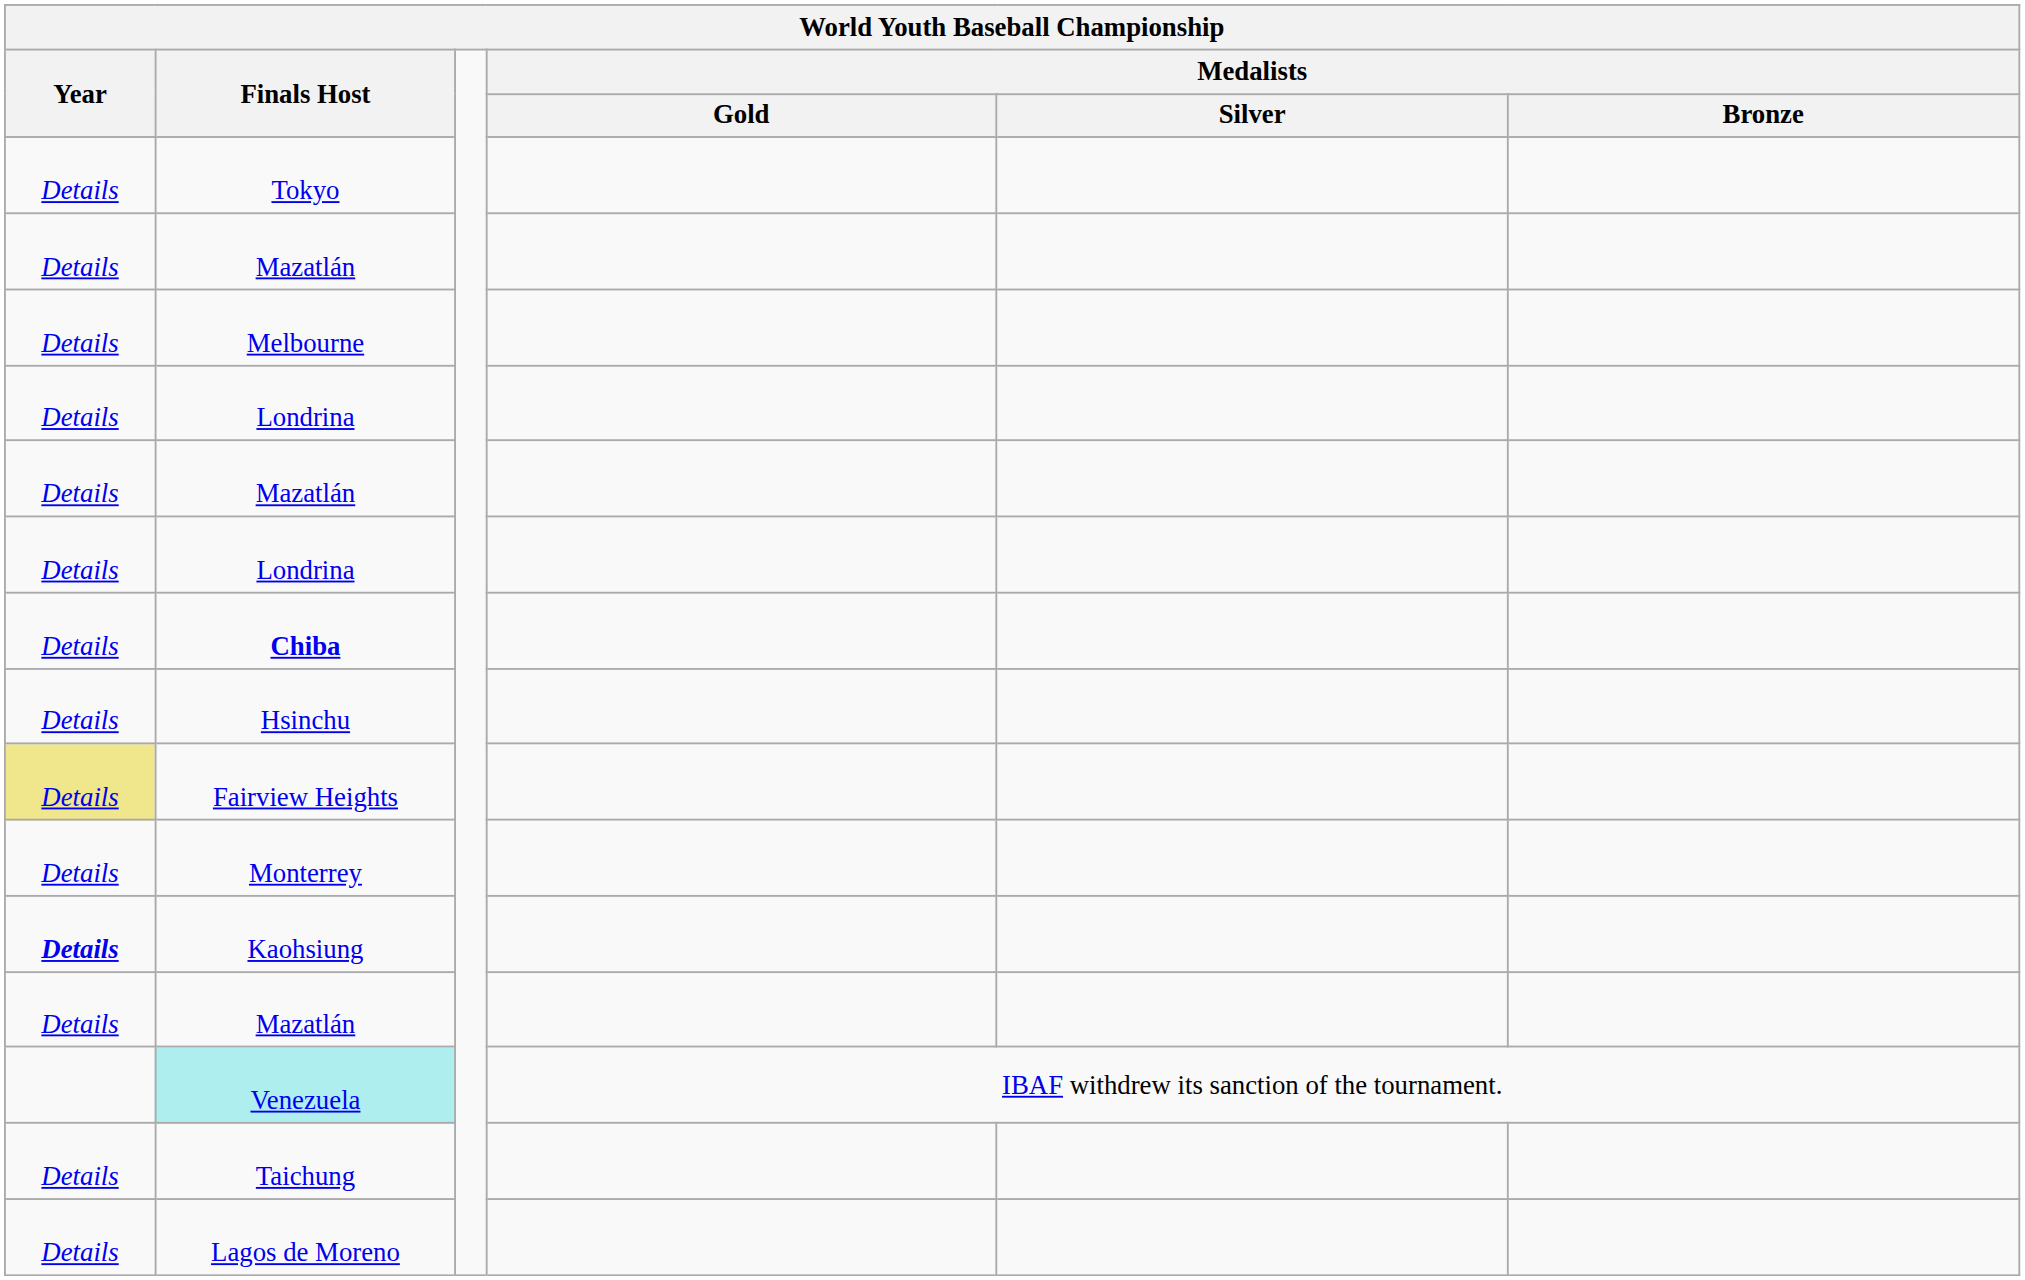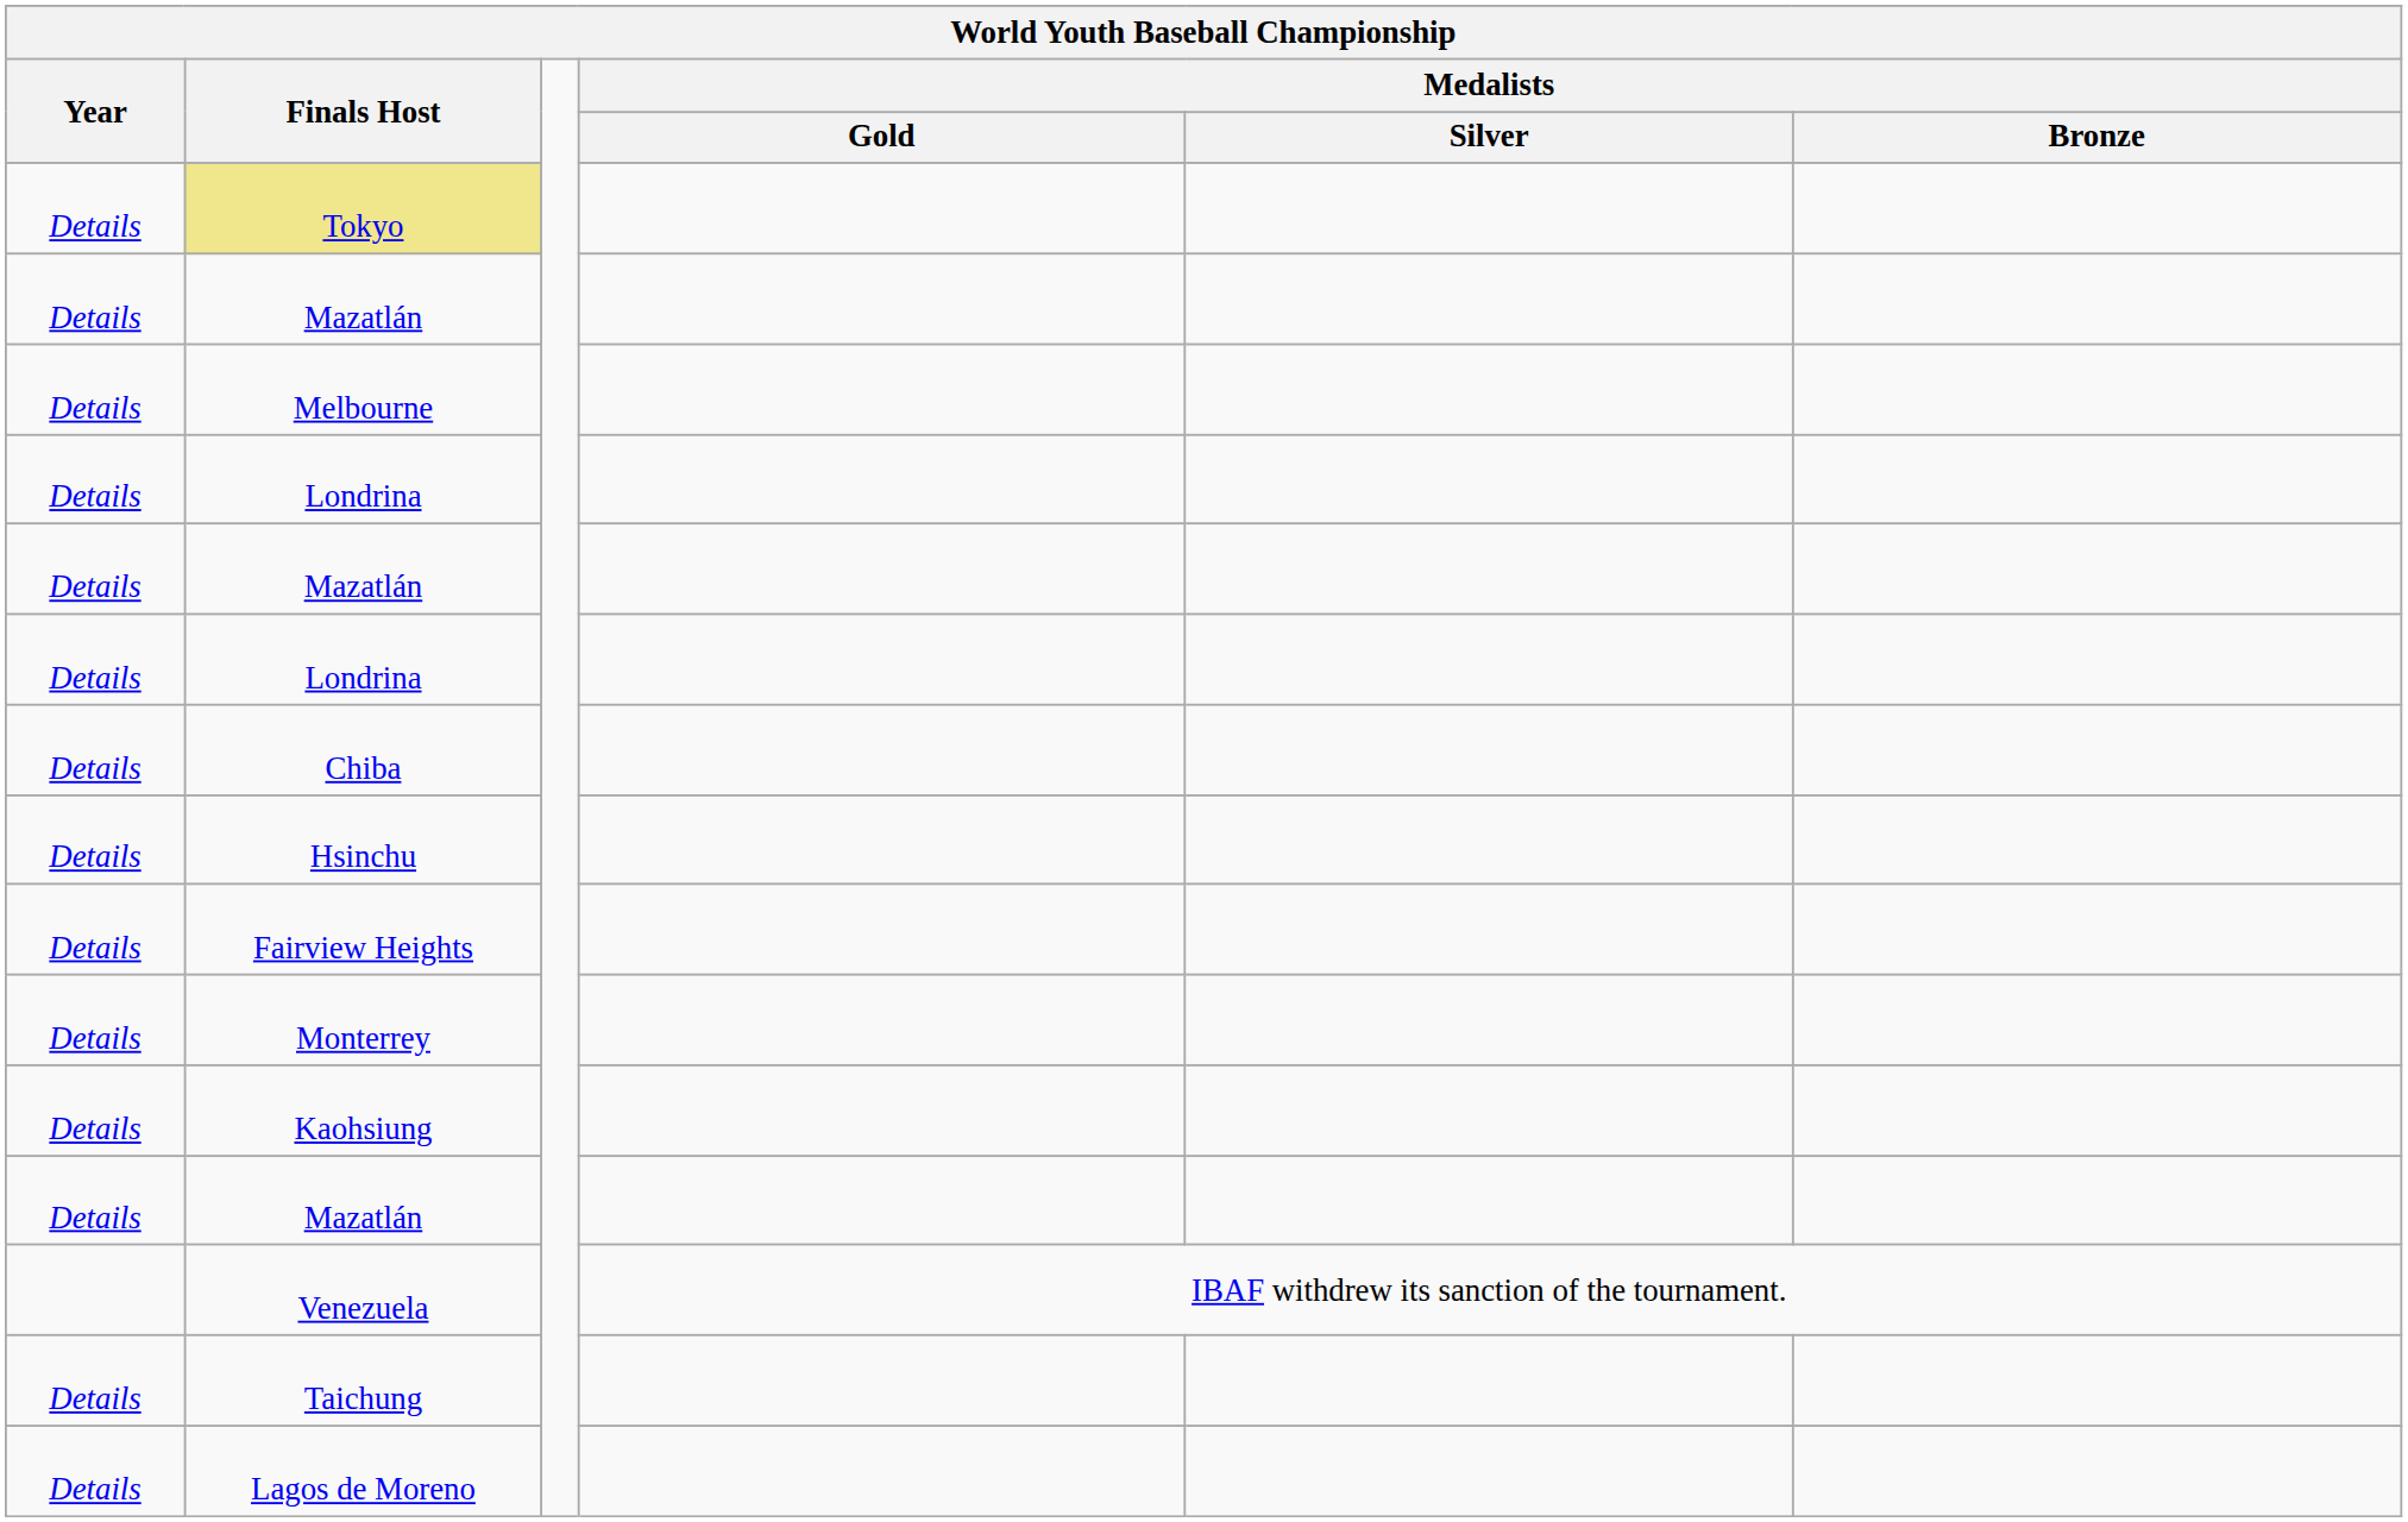 <table class="wikitable" style="font-size:90%; text-align: center;">
 <tr>
 <th colspan=6>World Youth Baseball Championship</th>
 </tr>
 <tr>
 <th rowspan=2 width=5%>Year</th>
 <th rowspan=2 width=10%>Finals Host</th>
 <td width=1% rowspan=17 style="border-top:none;border-bottom:none;"></td>
 <th colspan=3>Medalists</th>
 </tr>
 <tr>
 <th width=17%>Gold</th>
 <th width=17%>Silver</th>
 <th width=17%>Bronze</th>
 </tr>
 <tr>
 <td><br><em><a href='#'>Details</a></em></td>
-<td><br><a href='#'>Tokyo</a></td>
+<td style="background: khaki;"><br><a href='#'>Tokyo</a></td>
 <td><strong></strong></td>
 <td></td>
 <td></td>
 </tr>
 <tr>
 <td><br><em><a href='#'>Details</a></em></td>
 <td><br><a href='#'>Mazatlán</a></td>
 <td><strong></strong></td>
 <td></td>
 <td></td>
 </tr>
 <tr>
 <td><br><em><a href='#'>Details</a></em></td>
 <td><br><a href='#'>Melbourne</a></td>
 <td><strong></strong></td>
 <td></td>
 <td></td>
 </tr>
 <tr>
 <td><br><em><a href='#'>Details</a></em></td>
 <td><br><a href='#'>Londrina</a></td>
 <td><strong></strong></td>
 <td></td>
 <td></td>
 </tr>
 <tr>
 <td><br><em><a href='#'>Details</a></em></td>
 <td><br><a href='#'>Mazatlán</a></td>
 <td><strong></strong></td>
 <td></td>
 <td></td>
 </tr>
 <tr>
 <td><br><em><a href='#'>Details</a></em></td>
 <td><br><a href='#'>Londrina</a></td>
 <td><strong></strong></td>
 <td></td>
 <td></td>
 </tr>
 <tr>
 <td><br><em><a href='#'>Details</a></em></td>
-<td><strong><br><a href='#'>Chiba</a></strong></td>
+<td><br><a href='#'>Chiba</a></td>
 <td><strong></strong></td>
 <td></td>
 <td></td>
 </tr>
 <tr>
 <td><br><em><a href='#'>Details</a></em></td>
 <td><br><a href='#'>Hsinchu</a></td>
 <td><strong></strong></td>
 <td></td>
 <td></td>
 </tr>
 <tr>
-<td style="background: khaki;"><br><em><a href='#'>Details</a></em></td>
+<td><br><em><a href='#'>Details</a></em></td>
 <td><br><a href='#'>Fairview Heights</a></td>
 <td><strong></strong></td>
 <td></td>
 <td></td>
 </tr>
 <tr>
 <td><br><em><a href='#'>Details</a></em></td>
 <td><br><a href='#'>Monterrey</a></td>
 <td><strong></strong></td>
 <td></td>
 <td></td>
 </tr>
 <tr>
-<td><strong><br><em><a href='#'>Details</a></em></strong></td>
+<td><br><em><a href='#'>Details</a></em></td>
 <td><br><a href='#'>Kaohsiung</a></td>
 <td><strong></strong></td>
 <td></td>
 <td></td>
 </tr>
 <tr>
 <td><br><em><a href='#'>Details</a></em></td>
 <td><br><a href='#'>Mazatlán</a></td>
 <td><strong></strong></td>
 <td></td>
 <td></td>
 </tr>
 <tr>
 <td><br></td>
-<td style="background: paleturquoise;"><br><a href='#'>Venezuela</a></td>
+<td><br><a href='#'>Venezuela</a></td>
 <td colspan=3><a href='#'>IBAF</a> withdrew its sanction of the tournament.</td>
 </tr>
 <tr>
 <td><br><em><a href='#'>Details</a></em></td>
 <td><br><a href='#'>Taichung</a></td>
 <td><strong></strong></td>
 <td></td>
 <td></td>
 </tr>
 <tr>
 <td><br><em><a href='#'>Details</a></em></td>
 <td><br><a href='#'>Lagos de Moreno</a></td>
 <td><strong></strong></td>
 <td></td>
 <td></td>
 </tr>
 </table>
